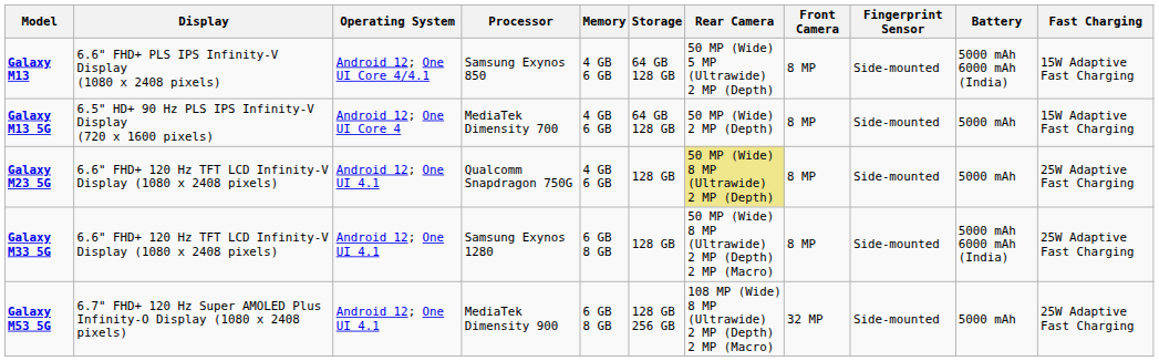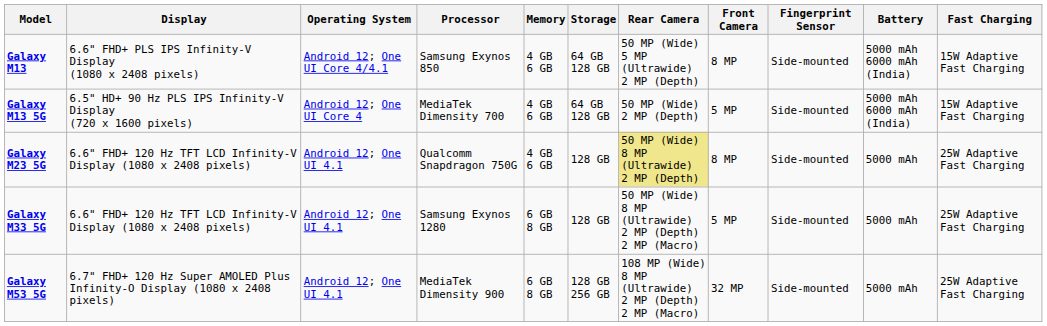 <table class="wikitable">
 <tr>
 <th>Model</th>
 <th>Display</th>
 <th>Operating System</th>
 <th>Processor</th>
 <th>Memory</th>
 <th>Storage</th>
 <th>Rear Camera</th>
 <th>Front Camera</th>
 <th>Fingerprint Sensor</th>
 <th>Battery</th>
 <th>Fast Charging</th>
 </tr>
 <tr>
 <td><strong><a href='#'>Galaxy M13</a></strong></td>
 <td>6.6" FHD+ PLS IPS Infinity-V Display<br>(1080 x 2408 pixels)</td>
 <td><a href='#'>Android 12</a>; <a href='#'>One UI Core 4/4.1</a></td>
 <td>Samsung Exynos 850</td>
 <td>4 GB<br>6 GB</td>
 <td>64 GB<br>128 GB</td>
 <td>50 MP (Wide)<br>5 MP (Ultrawide)<br> 2 MP (Depth)</td>
 <td>8 MP</td>
 <td>Side-mounted</td>
 <td>5000 mAh<br>6000 mAh (India)</td>
 <td>15W Adaptive Fast Charging</td>
 </tr>
 <tr>
 <td><strong><a href='#'>Galaxy M13 5G</a></strong></td>
 <td>6.5" HD+ 90 Hz PLS IPS Infinity-V Display<br>(720 x 1600 pixels)</td>
 <td><a href='#'>Android 12</a>; <a href='#'>One UI Core 4</a></td>
 <td>MediaTek Dimensity 700</td>
 <td>4 GB<br>6 GB</td>
 <td>64 GB<br>128 GB</td>
 <td>50 MP (Wide)<br>2 MP (Depth)</td>
-<td>8 MP</td>
+<td>5 MP</td>
 <td>Side-mounted</td>
-<td>5000 mAh</td>
+<td>5000 mAh<br>6000 mAh (India)</td>
 <td>15W Adaptive Fast Charging</td>
 </tr>
 <tr>
 <td><strong><a href='#'>Galaxy M23 5G</a></strong></td>
 <td>6.6" FHD+ 120 Hz TFT LCD Infinity-V Display (1080 x 2408 pixels)</td>
 <td><a href='#'>Android 12</a>; <a href='#'>One UI 4.1</a></td>
 <td>Qualcomm Snapdragon 750G</td>
 <td>4 GB<br>6 GB</td>
 <td>128 GB</td>
 <td style="background: khaki;">50 MP (Wide)<br>8 MP (Ultrawide)<br> 2 MP (Depth)</td>
 <td>8 MP</td>
 <td>Side-mounted</td>
 <td>5000 mAh</td>
 <td>25W Adaptive Fast Charging</td>
 </tr>
 <tr>
 <td><strong><a href='#'>Galaxy M33 5G</a></strong></td>
 <td>6.6" FHD+ 120 Hz TFT LCD Infinity-V Display (1080 x 2408 pixels)</td>
 <td><a href='#'>Android 12</a>; <a href='#'>One UI 4.1</a></td>
 <td>Samsung Exynos 1280</td>
 <td>6 GB<br>8 GB</td>
 <td>128 GB</td>
 <td>50 MP (Wide)<br>8 MP (Ultrawide)<br> 2 MP (Depth)<br> 2 MP (Macro)</td>
-<td>8 MP</td>
+<td>5 MP</td>
 <td>Side-mounted</td>
-<td>5000 mAh<br>6000 mAh (India)</td>
+<td>5000 mAh</td>
 <td>25W Adaptive Fast Charging</td>
 </tr>
 <tr>
 <td><strong><a href='#'>Galaxy M53 5G</a></strong></td>
 <td>6.7" FHD+ 120 Hz Super AMOLED Plus Infinity-O Display (1080 x 2408 pixels)</td>
 <td><a href='#'>Android 12</a>; <a href='#'>One UI 4.1</a></td>
 <td>MediaTek Dimensity 900</td>
 <td>6 GB<br>8 GB</td>
 <td>128 GB<br>256 GB</td>
 <td>108 MP (Wide)<br>8 MP (Ultrawide)<br> 2 MP (Depth)<br> 2 MP (Macro)</td>
 <td>32 MP</td>
 <td>Side-mounted</td>
 <td>5000 mAh</td>
 <td>25W Adaptive Fast Charging</td>
 </tr>
 </table>
